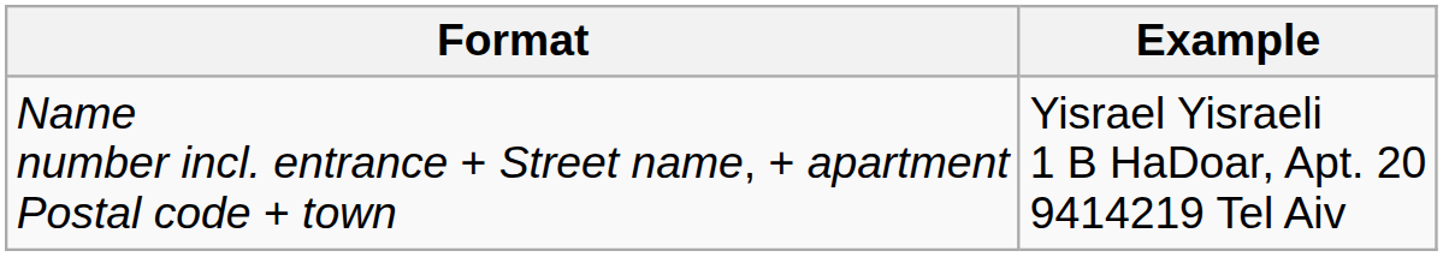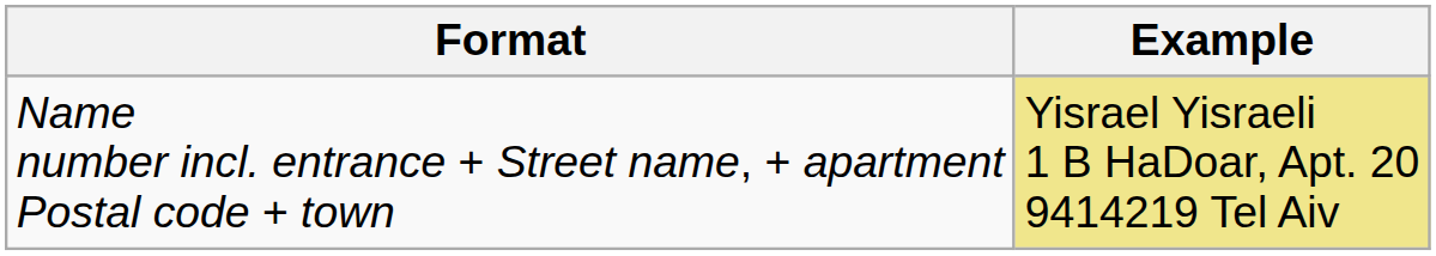 <table class="wikitable">
 <tr>
 <th>Format</th>
 <th>Example</th>
 </tr>
 <tr>
 <td><em>Name</em><br><em>number incl. entrance</em> + <em>Street name</em>,  + <em>apartment</em><br> <em>Postal code</em> + <em>town</em></td>
-<td>Yisrael Yisraeli<br>1 B HaDoar, Apt. 20<br>9414219 Tel Aiv</td>
+<td style="background: khaki;">Yisrael Yisraeli<br>1 B HaDoar, Apt. 20<br>9414219 Tel Aiv</td>
 </tr>
 </table>
